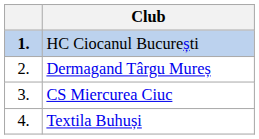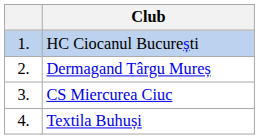 <table class="wikitable">
 <tr>
 <th width="30"></th>
 <th width="200">Club</th>
 </tr>
 <tr bgcolor="#BCD2EE" align="center">
-<td><strong>1.</strong></td>
+<td>1.</td>
 <td align="left">HC Ciocanul Bucure<a href='#'>ș</a>ti</td>
 </tr>
 <tr bgcolor="#FFFFFF" align="center">
 <td>2.</td>
 <td align="left"><a href='#'>Dermagand Târgu Mureș</a></td>
 </tr>
 <tr bgcolor="#FFFFFF" align="center">
 <td>3.</td>
 <td align="left"><a href='#'>CS Miercurea Ciuc</a></td>
 </tr>
 <tr bgcolor="#FFFFFF" align="center">
 <td>4.</td>
 <td align="left"><a href='#'>Textila Buhuși</a></td>
 </tr>
 </table>
